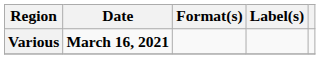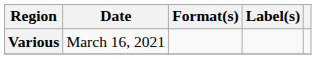 <table class="wikitable plainrowheaders">
 <tr>
 <th scope="col">Region</th>
 <th scope="col">Date</th>
 <th scope="col">Format(s)</th>
 <th scope="col">Label(s)</th>
 <th scope="col"></th>
 </tr>
 <tr>
 <th scope="row">Various</th>
-<td><strong>March 16, 2021</strong></td>
+<td>March 16, 2021</td>
 <td></td>
 <td></td>
 <td style="text-align:center"></td>
 </tr>
 <tr>
 </tr>
 </table>
